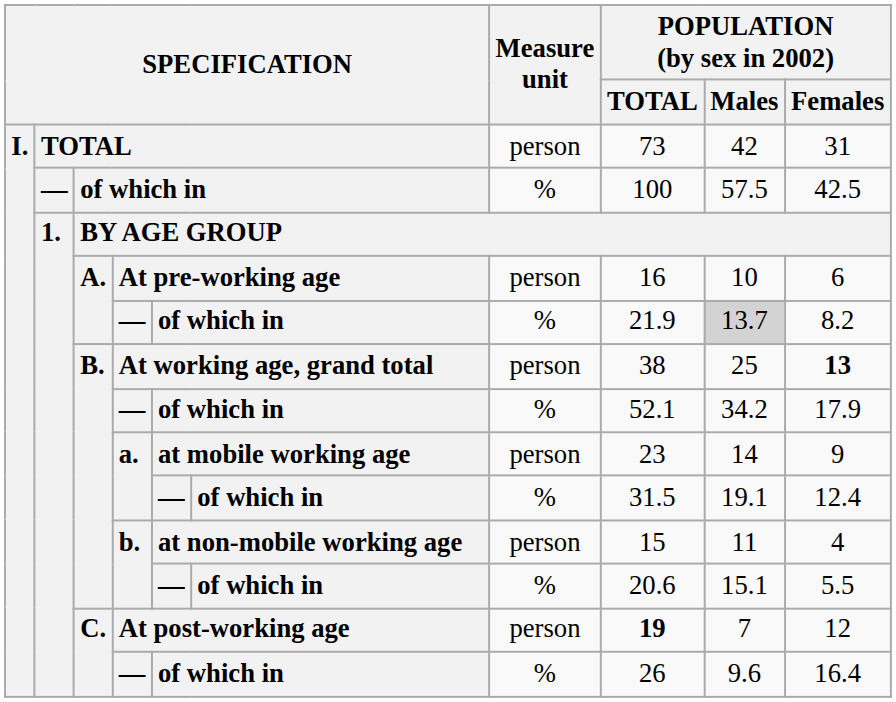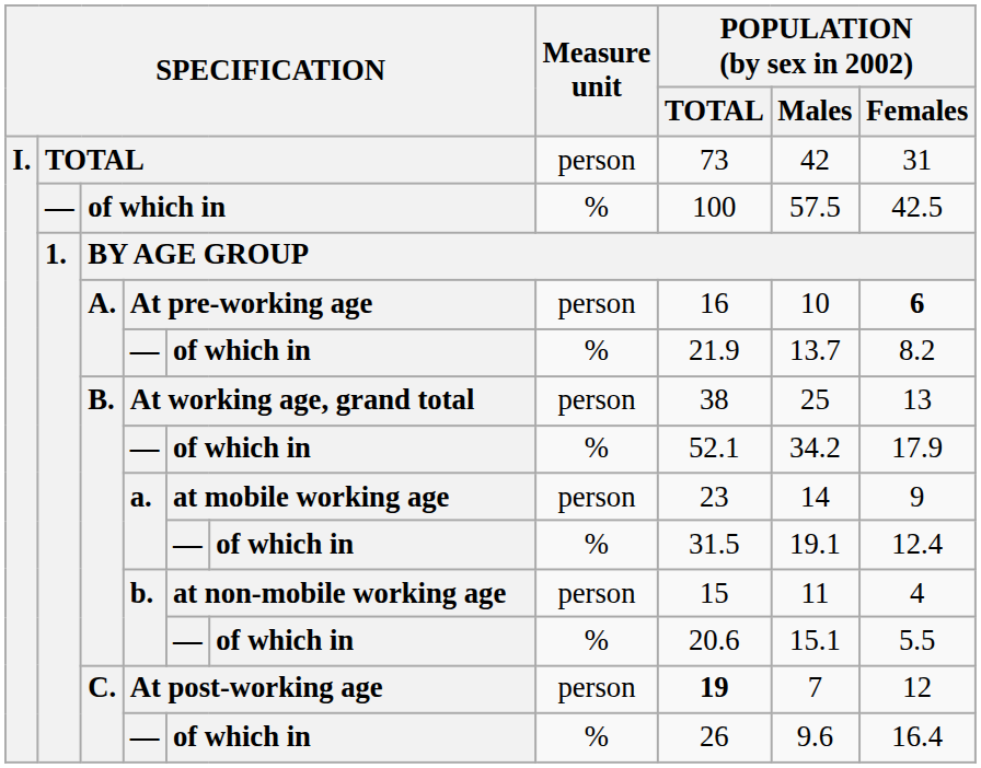 <table class="wikitable" style="font-size:85%; text-align:center">
 <tr>
 <th rowspan="2" colspan="6">SPECIFICATION</th>
 <th rowspan="2">Measure<br> unit</th>
 <th colspan="3" rowspan="1">POPULATION<br> (by sex in 2002)</th>
 </tr>
 <tr>
 <th>TOTAL</th>
 <th>Males</th>
 <th>Females</th>
 </tr>
 <tr>
 <th style="text-align:left" valign="top" rowspan="13">I.</th>
 <th style="text-align:left" colspan="5">TOTAL</th>
 <td>person</td>
 <td>73</td>
 <td>42</td>
 <td>31</td>
 </tr>
 <tr>
 <th style="text-align:left" valign="top">—</th>
 <th style="text-align:left" colspan="4">of which in</th>
 <td>%</td>
 <td>100</td>
 <td>57.5</td>
 <td>42.5</td>
 </tr>
 <tr>
 <th style="text-align:left" valign="top" rowspan="11">1.</th>
 <th style="text-align:left" colspan="19">BY AGE GROUP</th>
 </tr>
 <tr>
 <th style="text-align:left" valign="top" rowspan="2">A.</th>
 <th style="text-align:left" colspan="3">At pre-working age</th>
 <td>person</td>
 <td>16</td>
 <td>10</td>
-<td>6</td>
+<td><strong>6</strong></td>
 </tr>
 <tr>
 <th style="text-align:left" valign="top">—</th>
 <th style="text-align:left" valign="top" colspan="2">of which in</th>
 <td>%</td>
 <td>21.9</td>
-<td style="background: lightgrey;">13.7</td>
+<td>13.7</td>
 <td>8.2</td>
 </tr>
 <tr>
 <th style="text-align:left" valign="top" rowspan="6">B.</th>
 <th style="text-align:left" colspan="3">At working age, grand total</th>
 <td>person</td>
 <td>38</td>
 <td>25</td>
-<td><strong>13</strong></td>
+<td>13</td>
 </tr>
 <tr>
 <th style="text-align:left" valign="top">—</th>
 <th style="text-align:left" valign="top" colspan="2">of which in</th>
 <td>%</td>
 <td>52.1</td>
 <td>34.2</td>
 <td>17.9</td>
 </tr>
 <tr>
 <th style="text-align:left" valign="top" rowspan="2">a.</th>
 <th style="text-align:left" colspan="2">at mobile working age</th>
 <td>person</td>
 <td>23</td>
 <td>14</td>
 <td>9</td>
 </tr>
 <tr>
 <th style="text-align:left" valign="top">—</th>
 <th style="text-align:left" valign="top" colspan="1">of which in                        </th>
 <td>%</td>
 <td>31.5</td>
 <td>19.1</td>
 <td>12.4</td>
 </tr>
 <tr>
 <th style="text-align:left" valign="top" rowspan="2">b.</th>
 <th style="text-align:left" colspan="2">at non-mobile working age</th>
 <td>person</td>
 <td>15</td>
 <td>11</td>
 <td>4</td>
 </tr>
 <tr>
 <th style="text-align:left" valign="top">—</th>
 <th style="text-align:left" valign="top" colspan="1">of which in                        </th>
 <td>%</td>
 <td>20.6</td>
 <td>15.1</td>
 <td>5.5</td>
 </tr>
 <tr>
 <th style="text-align:left" valign="top" rowspan="2">C.</th>
 <th style="text-align:left" colspan="3">At post-working age</th>
 <td>person</td>
 <td><strong>19</strong></td>
 <td>7</td>
 <td>12</td>
 </tr>
 <tr>
 <th style="text-align:left" valign="top">—</th>
 <th style="text-align:left" valign="top" colspan="2">of which in</th>
 <td>%</td>
 <td>26</td>
 <td>9.6</td>
 <td>16.4</td>
 </tr>
 </table>
